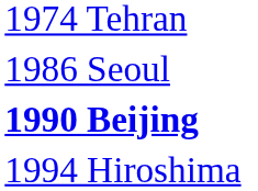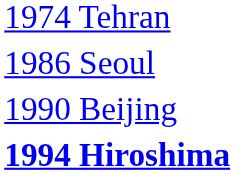 <table>
 <tr>
 <td><a href='#'>1974 Tehran</a></td>
 <td></td>
 <td></td>
 <td></td>
 </tr>
 <tr>
 <td><a href='#'>1986 Seoul</a></td>
 <td></td>
 <td></td>
 <td></td>
 </tr>
 <tr>
-<td><strong><a href='#'>1990 Beijing</a></strong></td>
+<td><a href='#'>1990 Beijing</a></td>
 <td></td>
 <td></td>
 <td></td>
 </tr>
 <tr>
-<td><a href='#'>1994 Hiroshima</a></td>
+<td><strong><a href='#'>1994 Hiroshima</a></strong></td>
 <td></td>
 <td></td>
 <td></td>
 </tr>
 </table>
